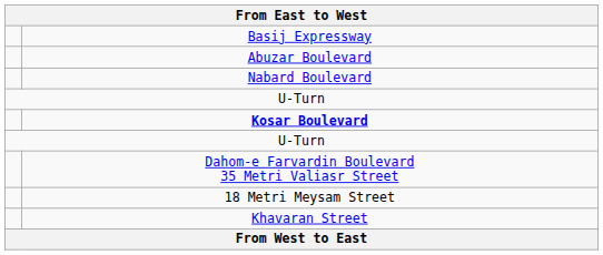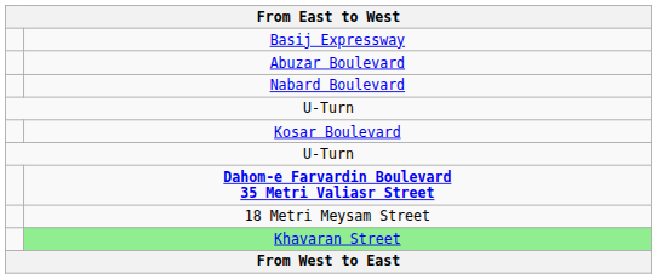 <table class="wikitable" style="text-align:center" width="600px">
 <tr>
 <th text-align="center" colspan="3"> From East to West </th>
 </tr>
 <tr>
 <td><br></td>
 <td> <a href='#'>Basij Expressway</a></td>
 </tr>
 <tr>
 <td></td>
 <td> <a href='#'>Abuzar Boulevard</a></td>
 </tr>
 <tr>
 <td></td>
 <td> <a href='#'>Nabard Boulevard</a></td>
 </tr>
 <tr>
 <td text-align="center" colspan="3"> U-Turn</td>
 </tr>
 <tr>
 <td></td>
-<td><strong> <a href='#'>Kosar Boulevard</a></strong></td>
+<td> <a href='#'>Kosar Boulevard</a></td>
 </tr>
 <tr>
 <td text-align="center" colspan="3"> U-Turn</td>
 </tr>
 <tr>
 <td></td>
-<td> <a href='#'>Dahom-e Farvardin Boulevard</a><br> <a href='#'>35 Metri Valiasr Street</a></td>
+<td><strong> <a href='#'>Dahom-e Farvardin Boulevard</a><br> <a href='#'>35 Metri Valiasr Street</a></strong></td>
 </tr>
 <tr>
 <td></td>
 <td> 18 Metri Meysam Street</td>
 </tr>
 <tr>
 <td><br></td>
-<td> <a href='#'>Khavaran Street</a></td>
+<td style="background: lightgreen;"> <a href='#'>Khavaran Street</a></td>
 </tr>
 <tr>
 <th text-align="center" colspan="3"> From West to East </th>
 </tr>
 </table>
